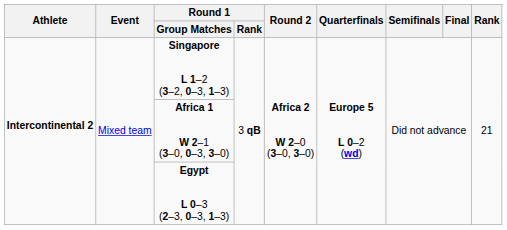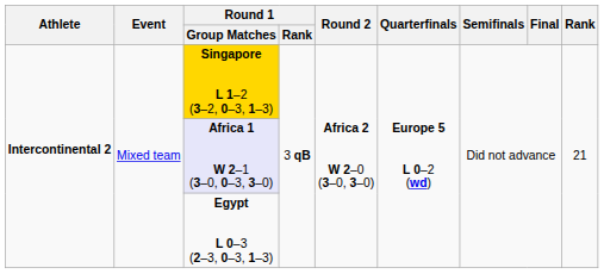 <table class="wikitable" border="1" style="font-size:90%">
 <tr>
 <th rowspan=2>Athlete</th>
 <th rowspan=2>Event</th>
 <th colspan=2>Round 1</th>
 <th rowspan=2>Round 2</th>
 <th rowspan=2>Quarterfinals</th>
 <th rowspan=2>Semifinals</th>
 <th rowspan=2>Final</th>
 <th rowspan=2>Rank</th>
 </tr>
 <tr>
 <th>Group Matches</th>
 <th>Rank</th>
 </tr>
 <tr>
 <td rowspan=3><strong>Intercontinental 2</strong><br><br></td>
 <td rowspan=3><a href='#'>Mixed team</a></td>
-<td align=center><strong>Singapore</strong><br><br><br> <strong>L</strong> <strong>1</strong>–2 <br> (<strong>3</strong>–2, <strong>0</strong>–3, <strong>1</strong>–3)</td>
+<td align=center style="background: gold;"><strong>Singapore</strong><br><br><br> <strong>L</strong> <strong>1</strong>–2 <br> (<strong>3</strong>–2, <strong>0</strong>–3, <strong>1</strong>–3)</td>
 <td rowspan=3 align=center>3 <strong>qB</strong></td>
 <td align=center rowspan=3><strong>Africa 2</strong><br><br><br> <strong>W</strong> <strong>2</strong>–0 <br> (<strong>3</strong>–0, <strong>3</strong>–0)</td>
 <td align=center rowspan=3><strong>Europe 5</strong><br><br><br> <strong>L</strong> <strong>0</strong>–2 <br> (<strong><a href='#'>wd</a></strong>)</td>
 <td rowspan=3 colspan=2 align=center>Did not advance</td>
 <td rowspan=3 align=center>21</td>
 </tr>
 <tr>
-<td align=center><strong>Africa 1</strong><br><br><br> <strong>W</strong> <strong>2</strong>–1 <br> (<strong>3</strong>–0, <strong>0</strong>–3, <strong>3</strong>–0)</td>
+<td align=center style="background: lavender;"><strong>Africa 1</strong><br><br><br> <strong>W</strong> <strong>2</strong>–1 <br> (<strong>3</strong>–0, <strong>0</strong>–3, <strong>3</strong>–0)</td>
 </tr>
 <tr>
 <td align=center><strong>Egypt</strong><br><br><br> <strong>L</strong> <strong>0</strong>–3 <br> (<strong>2</strong>–3, <strong>0</strong>–3, <strong>1</strong>–3)</td>
 </tr>
 </table>
